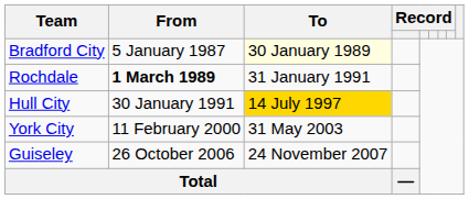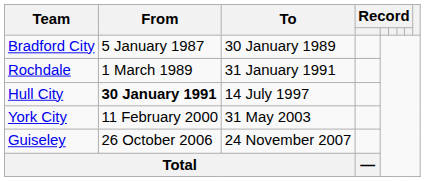 <table class="wikitable" style="text-align: center">
 <tr>
 <th rowspan=2>Team</th>
 <th rowspan=2>From</th>
 <th rowspan=2>To</th>
 <th colspan=5>Record</th>
 <th rowspan=2></th>
 </tr>
 <tr>
 <th></th>
 <th></th>
 <th></th>
 <th></th>
 <th></th>
 </tr>
 <tr>
 <td align=left><a href='#'>Bradford City</a></td>
 <td align=left>5 January 1987</td>
-<td align=left style="background: lightyellow;">30 January 1989<br></td>
+<td align=left>30 January 1989<br></td>
 <td></td>
 </tr>
 <tr>
 <td align=left><a href='#'>Rochdale</a></td>
-<td align=left><strong>1 March 1989</strong></td>
+<td align=left>1 March 1989</td>
 <td align=left>31 January 1991<br></td>
 <td></td>
 </tr>
 <tr>
 <td align=left><a href='#'>Hull City</a></td>
-<td align=left>30 January 1991</td>
-<td align=left style="background: gold;">14 July 1997<br></td>
+<td align=left><strong>30 January 1991</strong></td>
+<td align=left>14 July 1997<br></td>
 <td></td>
 </tr>
 <tr>
 <td align=left><a href='#'>York City</a></td>
 <td align=left>11 February 2000</td>
 <td align=left>31 May 2003<br></td>
 <td></td>
 </tr>
 <tr>
 <td align=left><a href='#'>Guiseley</a></td>
 <td align=left>26 October 2006</td>
 <td align=left>24 November 2007<br></td>
 <td></td>
 </tr>
 <tr>
 <th colspan=3>Total<br></th>
 <th>—</th>
 </tr>
 </table>
